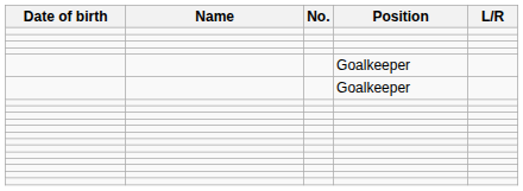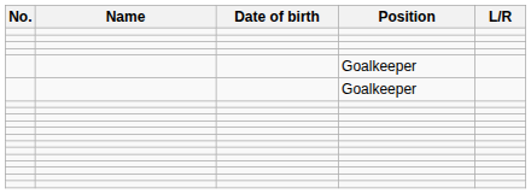 <table class="wikitable sortable" style=font-size:100%; text-align:center;>
 <tr>
+<th>No.</th>
+<th style=width:12em>Name</th>
 <th style=width:8em>Date of birth</th>
-<th style=width:12em>Name</th>
-<th>No.</th>
 <th style=width:9em>Position</th>
 <th style=width:3em>L/R</th>
 </tr>
 <tr>
+<td></td>
+<td align=left></td>
 <td align=right></td>
-<td align=left></td>
-<td></td>
 <td></td>
 <td></td>
 </tr>
 <tr>
+<td></td>
+<td align=left></td>
 <td align=right></td>
-<td align=left></td>
-<td></td>
 <td></td>
 <td></td>
 </tr>
 <tr>
+<td></td>
+<td align=left></td>
 <td align=right></td>
-<td align=left></td>
-<td></td>
 <td></td>
 <td></td>
 </tr>
 <tr>
+<td></td>
+<td align=left></td>
 <td align=right></td>
-<td align=left></td>
-<td></td>
 <td></td>
 <td></td>
 </tr>
 <tr>
+<td></td>
+<td align=left></td>
 <td align=right></td>
-<td align=left></td>
-<td></td>
 <td>Goalkeeper</td>
 <td></td>
 </tr>
 <tr>
+<td></td>
+<td align=left></td>
 <td align=right></td>
-<td align=left></td>
-<td></td>
 <td>Goalkeeper</td>
 <td></td>
 </tr>
 <tr>
+<td></td>
+<td align=left></td>
 <td align=right></td>
-<td align=left></td>
-<td></td>
 <td></td>
 <td></td>
 </tr>
 <tr>
+<td></td>
+<td align=left></td>
 <td align=right></td>
-<td align=left></td>
-<td></td>
 <td></td>
 <td></td>
 </tr>
 <tr>
+<td></td>
+<td align=left></td>
 <td align=right></td>
-<td align=left></td>
-<td></td>
 <td></td>
 <td></td>
 </tr>
 <tr>
+<td></td>
+<td align=left></td>
 <td align=right></td>
-<td align=left></td>
-<td></td>
 <td></td>
 <td></td>
 </tr>
 <tr>
+<td></td>
+<td align=left></td>
 <td align=right></td>
-<td align=left></td>
-<td></td>
 <td></td>
 <td></td>
 </tr>
 <tr>
+<td></td>
+<td align=left></td>
 <td align=right></td>
-<td align=left></td>
-<td></td>
 <td></td>
 <td></td>
 </tr>
 <tr>
+<td></td>
+<td align=left></td>
 <td align=right></td>
-<td align=left></td>
-<td></td>
 <td></td>
 <td></td>
 </tr>
 <tr>
+<td></td>
+<td align=left></td>
 <td align=right></td>
-<td align=left></td>
-<td></td>
 <td></td>
 <td></td>
 </tr>
 <tr>
+<td></td>
+<td align=left></td>
 <td align=right></td>
-<td align=left></td>
-<td></td>
 <td></td>
 <td></td>
 </tr>
 <tr>
+<td></td>
+<td align=left></td>
 <td align=right></td>
-<td align=left></td>
-<td></td>
 <td></td>
 <td></td>
 </tr>
 <tr>
+<td></td>
+<td align=left></td>
 <td align=right></td>
-<td align=left></td>
-<td></td>
 <td></td>
 <td></td>
 </tr>
 <tr>
+<td></td>
+<td align=left></td>
 <td align=right></td>
-<td align=left></td>
-<td></td>
 <td></td>
 <td></td>
 </tr>
 <tr>
+<td></td>
+<td align=left></td>
 <td align=right></td>
-<td align=left></td>
-<td></td>
 <td></td>
 <td></td>
 </tr>
 </table>
